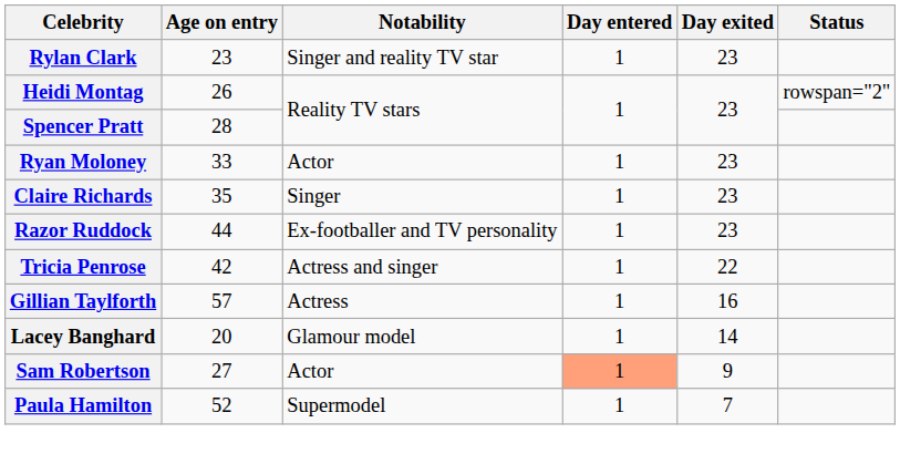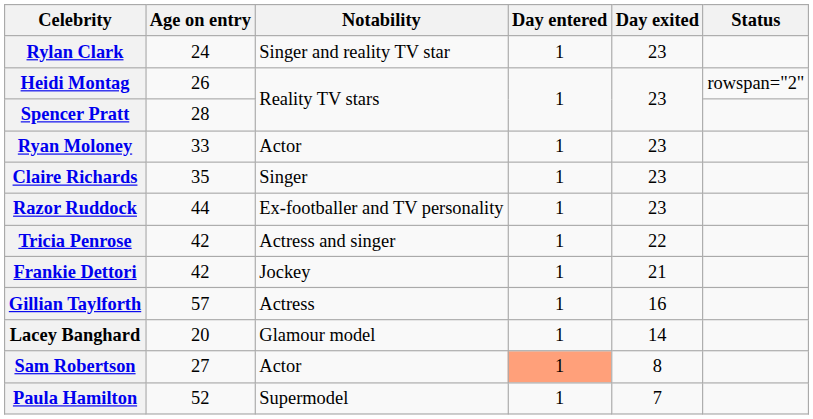 <table class="wikitable sortable" style="text-align:left; line-height:20px; width:auto;">
 <tr>
 <th scope="col">Celebrity</th>
 <th scope="col">Age on entry</th>
 <th scope="col">Notability</th>
 <th scope="col">Day entered</th>
 <th scope="col">Day exited</th>
 <th scope="col">Status</th>
 </tr>
 <tr>
 <th scope="row"><a href='#'>Rylan Clark</a></th>
-<td align="center">23</td>
+<td align="center">24</td>
 <td>Singer and reality TV star</td>
 <td align="center">1</td>
 <td align="center">23</td>
 <td></td>
 </tr>
 <tr>
 <th scope="row"><a href='#'>Heidi Montag</a></th>
 <td align="center">26</td>
 <td rowspan="2">Reality TV stars</td>
 <td rowspan="2" align="center">1</td>
 <td rowspan="2" align="center">23</td>
 <td>rowspan="2" </td>
 </tr>
 <tr>
 <th scope="row"><a href='#'>Spencer Pratt</a></th>
 <td align="center">28</td>
 </tr>
 <tr>
 <th scope="row"><a href='#'>Ryan Moloney</a></th>
 <td align="center">33</td>
 <td>Actor</td>
 <td align="center">1</td>
 <td align="center">23</td>
 <td></td>
 </tr>
 <tr>
 <th scope="row"><a href='#'>Claire Richards</a></th>
 <td align="center">35</td>
 <td>Singer</td>
 <td align="center">1</td>
 <td align="center">23</td>
 <td></td>
 </tr>
 <tr>
 <th scope="row"><a href='#'>Razor Ruddock</a></th>
 <td align="center">44</td>
 <td>Ex-footballer and TV personality</td>
 <td align="center">1</td>
 <td align="center">23</td>
 <td></td>
 </tr>
 <tr>
 <th scope="row"><a href='#'>Tricia Penrose</a></th>
 <td align="center">42</td>
 <td>Actress and singer</td>
 <td align="center">1</td>
 <td align="center">22</td>
 <td></td>
 </tr>
 <tr>
+<th scope="row"><a href='#'>Frankie Dettori</a></th>
+<td align="center">42</td>
+<td>Jockey</td>
+<td align="center">1</td>
+<td align="center">21</td>
+<td></td>
+</tr>
+<tr>
 <th scope="row"><a href='#'>Gillian Taylforth</a></th>
 <td align="center">57</td>
 <td>Actress</td>
 <td align="center">1</td>
 <td align="center">16</td>
 <td></td>
 </tr>
 <tr>
 <th scope="row">Lacey Banghard</th>
 <td align="center">20</td>
 <td>Glamour model</td>
 <td align="center">1</td>
 <td align="center">14</td>
 <td></td>
 </tr>
 <tr>
 <th scope="row"><a href='#'>Sam Robertson</a></th>
 <td align="center">27</td>
 <td>Actor</td>
 <td align="center" style="background: lightsalmon;">1</td>
-<td align="center">9</td>
+<td align="center">8</td>
 <td></td>
 </tr>
 <tr>
 <th scope="row"><a href='#'>Paula Hamilton</a></th>
 <td align="center">52</td>
 <td>Supermodel</td>
 <td align="center">1</td>
 <td align="center">7</td>
 <td></td>
 </tr>
 </table>
